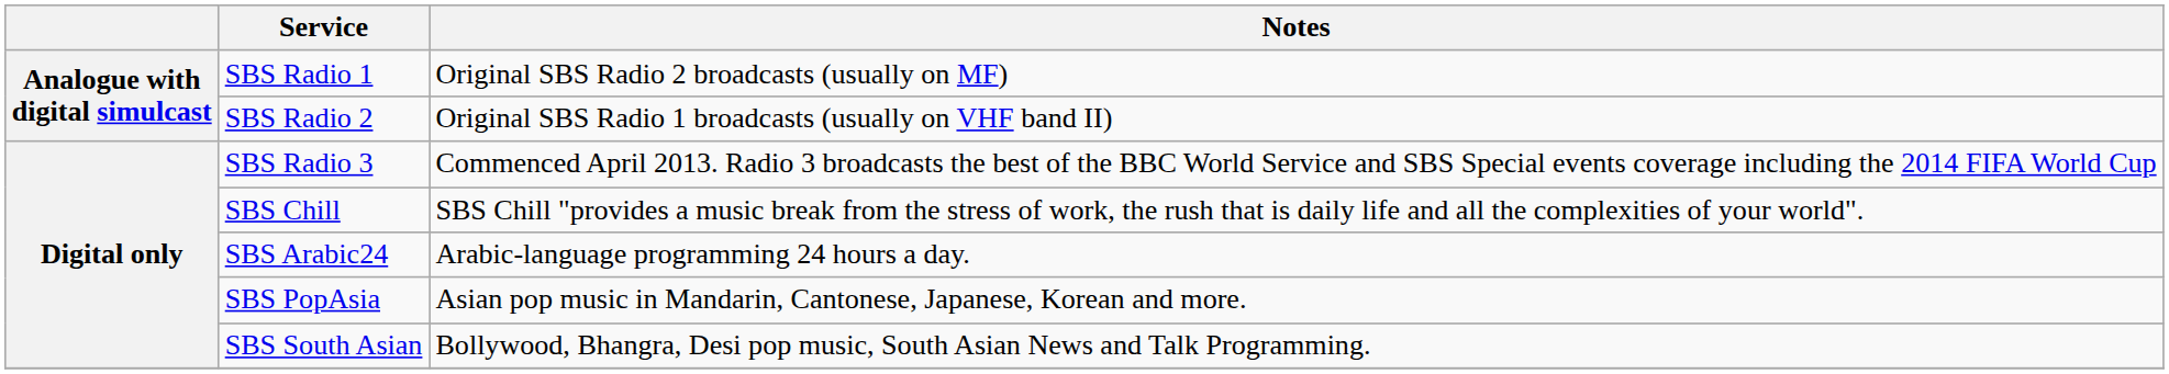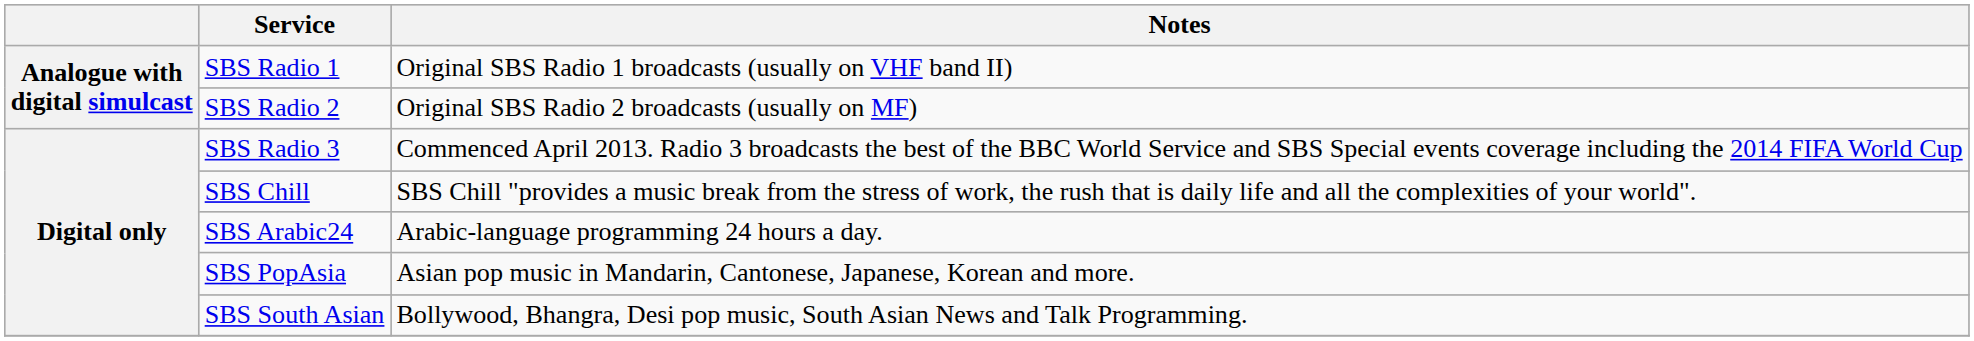 <table class="wikitable">
 <tr>
 <th></th>
 <th>Service</th>
 <th>Notes</th>
 </tr>
 <tr>
 <th rowspan="2">Analogue with<br>digital <a href='#'>simulcast</a></th>
 <td><a href='#'>SBS Radio 1</a></td>
-<td>Original SBS Radio 2 broadcasts (usually on <a href='#'>MF</a>)</td>
+<td>Original SBS Radio 1 broadcasts (usually on <a href='#'>VHF</a> band II)</td>
 </tr>
 <tr>
 <td><a href='#'>SBS Radio 2</a></td>
-<td>Original SBS Radio 1 broadcasts (usually on <a href='#'>VHF</a> band II)</td>
+<td>Original SBS Radio 2 broadcasts (usually on <a href='#'>MF</a>)</td>
 </tr>
 <tr>
 <th rowspan="5">Digital only</th>
 <td><a href='#'>SBS Radio 3</a></td>
 <td>Commenced April 2013. Radio 3 broadcasts the best of the BBC World Service and SBS Special events coverage including the <a href='#'>2014 FIFA World Cup</a></td>
 </tr>
 <tr>
 <td><a href='#'>SBS Chill</a></td>
 <td>SBS Chill "provides a music break from the stress of work, the rush that is daily life and all the complexities of your world".</td>
 </tr>
 <tr>
 <td><a href='#'>SBS Arabic24</a></td>
 <td>Arabic-language programming 24 hours a day.</td>
 </tr>
 <tr>
 <td><a href='#'>SBS PopAsia</a></td>
 <td>Asian pop music in Mandarin, Cantonese, Japanese, Korean and more.</td>
 </tr>
 <tr>
 <td><a href='#'>SBS South Asian</a></td>
 <td>Bollywood, Bhangra, Desi pop music, South Asian News and Talk Programming.</td>
 </tr>
 <tr>
 </tr>
 </table>
